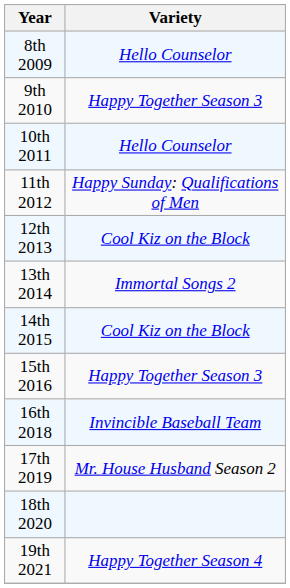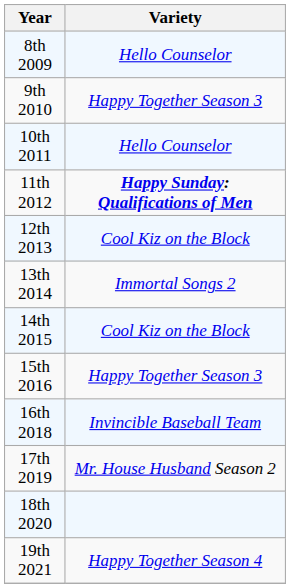 <table class="wikitable sortable" style=text-align:center>
 <tr>
 <th style="width:50px">Year</th>
 <th style="width:200px">Variety</th>
 </tr>
 <tr style="background:#F0F8FF">
 <td>8th<br> 2009</td>
 <td><em><a href='#'>Hello Counselor</a></em></td>
 </tr>
 <tr>
 <td>9th<br> 2010</td>
 <td><em><a href='#'>Happy Together Season 3</a></em></td>
 </tr>
 <tr style="background:#F0F8FF">
 <td>10th<br> 2011</td>
 <td><em><a href='#'>Hello Counselor</a></em></td>
 </tr>
 <tr>
 <td>11th<br> 2012</td>
-<td><em><a href='#'>Happy Sunday</a>: <a href='#'>Qualifications of Men</a></em></td>
+<td><strong><em><a href='#'>Happy Sunday</a>: <a href='#'>Qualifications of Men</a></em></strong></td>
 </tr>
 <tr style="background:#F0F8FF">
 <td>12th<br> 2013</td>
 <td><em><a href='#'>Cool Kiz on the Block</a></em></td>
 </tr>
 <tr>
 <td>13th<br> 2014</td>
 <td><em><a href='#'>Immortal Songs 2</a></em></td>
 </tr>
 <tr style="background:#F0F8FF">
 <td>14th<br> 2015</td>
 <td><em><a href='#'>Cool Kiz on the Block</a></em></td>
 </tr>
 <tr>
 <td>15th<br> 2016</td>
 <td><em><a href='#'>Happy Together Season 3</a></em></td>
 </tr>
 <tr style="background:#F0F8FF">
 <td>16th<br> 2018</td>
 <td><em><a href='#'>Invincible Baseball Team</a></em></td>
 </tr>
 <tr>
 <td>17th<br> 2019</td>
 <td><em><a href='#'>Mr. House Husband</a> Season 2</em></td>
 </tr>
 <tr style="background:#F0F8FF">
 <td>18th<br>2020</td>
 <td><em></em></td>
 </tr>
 <tr>
 <td>19th<br>2021</td>
 <td><em><a href='#'>Happy Together Season 4</a></em></td>
 </tr>
 <tr>
 </tr>
 </table>
